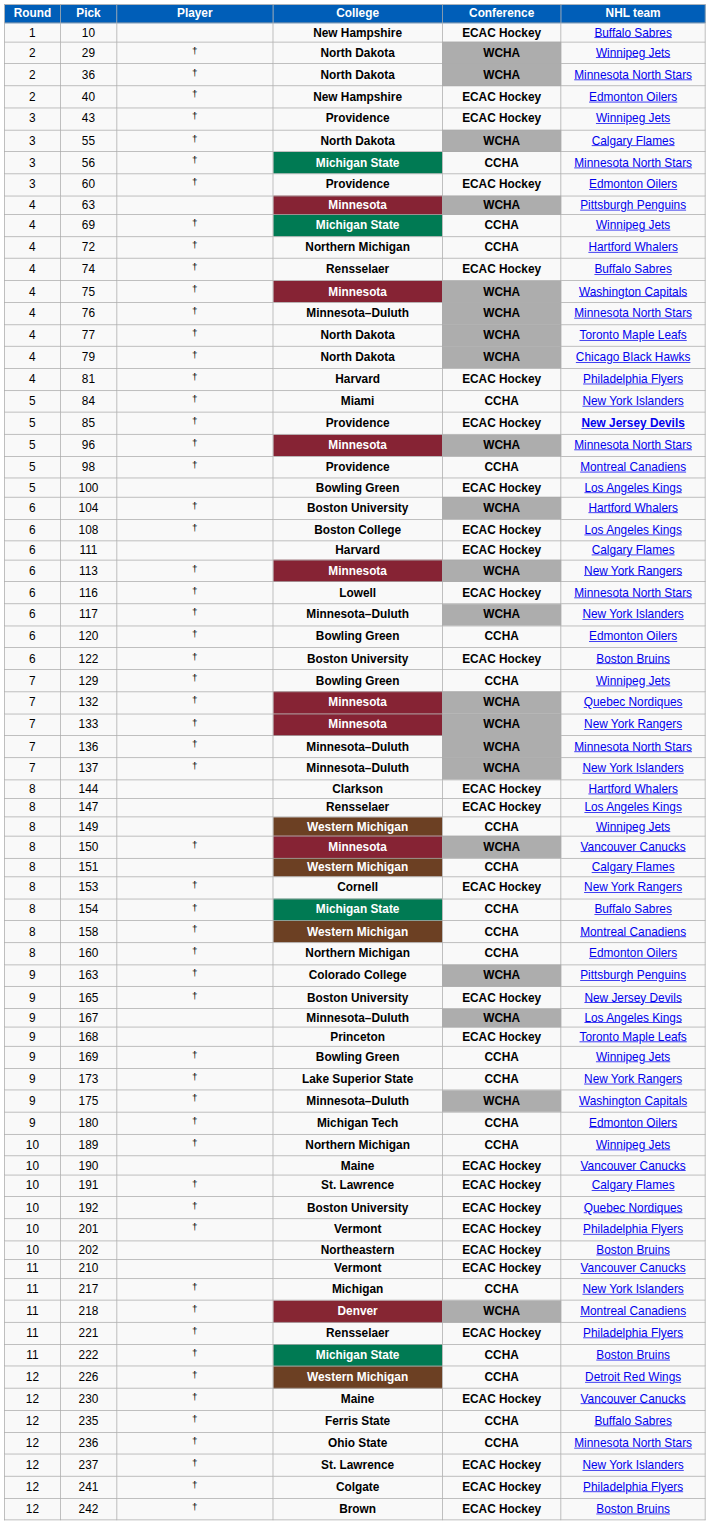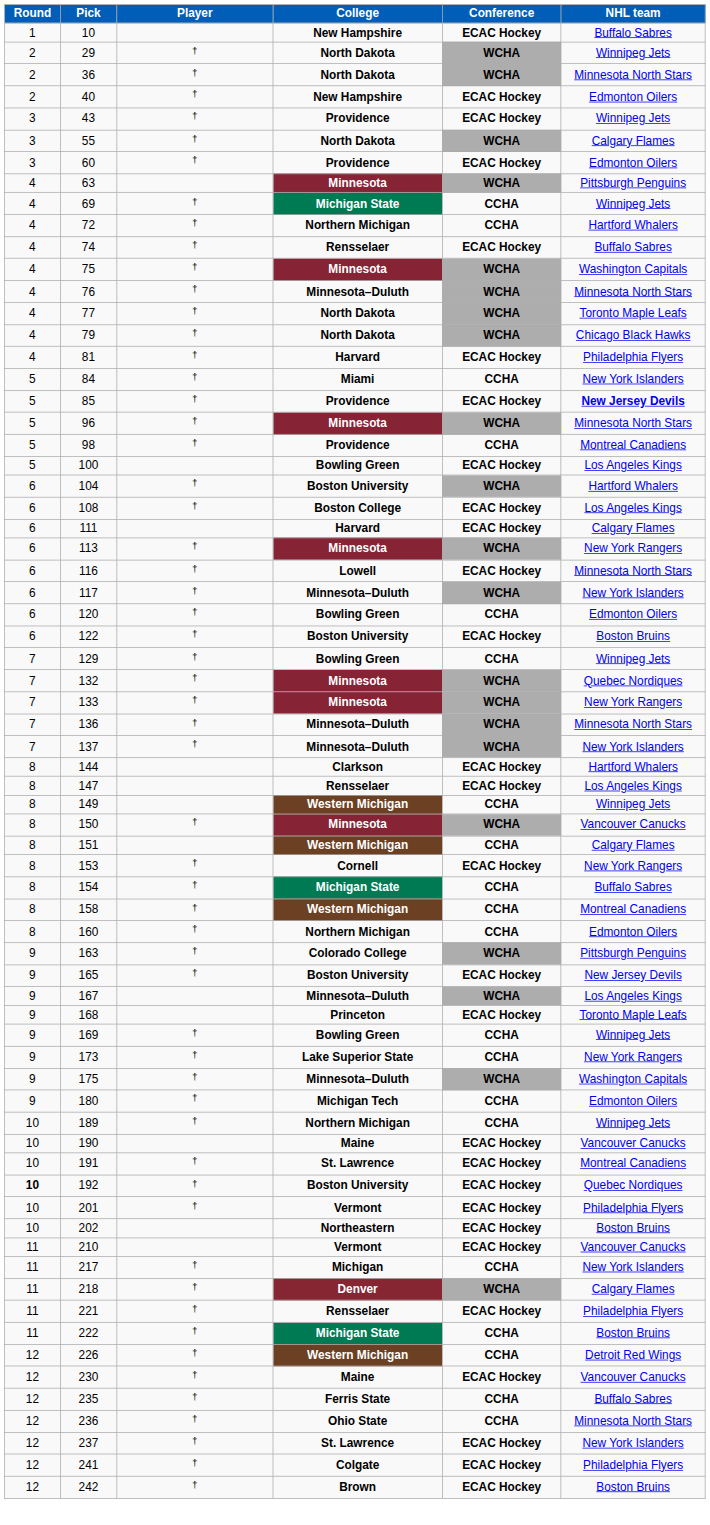 <table class="wikitable sortable" width="75%">
 <tr>
 <th style="color:white; background-color:#005EB8; width: 4em;">Round</th>
 <th style="color:white; background-color:#005EB8; width: 4em;">Pick</th>
 <th style="color:white; background-color:#005EB8; width: 12em;">Player</th>
 <th style="color:white; background-color:#005EB8; width: 13em;">College</th>
 <th style="color:white; background-color:#005EB8; width: 9em;">Conference</th>
 <th style="color:white; background-color:#005EB8; width: 11em;">NHL team</th>
 </tr>
 <tr align="center" bgcolor="">
 <td>1</td>
 <td>10</td>
 <td></td>
 <td><strong>New Hampshire</strong></td>
 <td><strong>ECAC Hockey</strong></td>
 <td><a href='#'>Buffalo Sabres</a></td>
 </tr>
 <tr align="center" bgcolor="">
 <td>2</td>
 <td>29</td>
 <td> <sup>†</sup></td>
 <td><strong>North Dakota</strong></td>
 <td style="color:black; background:#ADADAD; "><strong>WCHA</strong></td>
 <td><a href='#'>Winnipeg Jets</a></td>
 </tr>
 <tr align="center" bgcolor="">
 <td>2</td>
 <td>36</td>
 <td> <sup>†</sup></td>
 <td><strong>North Dakota</strong></td>
 <td style="color:black; background:#ADADAD; "><strong>WCHA</strong></td>
 <td><a href='#'>Minnesota North Stars</a></td>
 </tr>
 <tr align="center" bgcolor="">
 <td>2</td>
 <td>40</td>
 <td> <sup>†</sup></td>
 <td><strong>New Hampshire</strong></td>
 <td><strong>ECAC Hockey</strong></td>
 <td><a href='#'>Edmonton Oilers</a></td>
 </tr>
 <tr align="center" bgcolor="">
 <td>3</td>
 <td>43</td>
 <td> <sup>†</sup></td>
 <td><strong>Providence</strong></td>
 <td><strong>ECAC Hockey</strong></td>
 <td><a href='#'>Winnipeg Jets</a></td>
 </tr>
 <tr align="center" bgcolor="">
 <td>3</td>
 <td>55</td>
 <td> <sup>†</sup></td>
 <td><strong>North Dakota</strong></td>
 <td style="color:black; background:#ADADAD; "><strong>WCHA</strong></td>
 <td><a href='#'>Calgary Flames</a></td>
-</tr>
-<tr align="center" bgcolor="">
-<td>3</td>
-<td>56</td>
-<td> <sup>†</sup></td>
-<td style="color:white; background:#007A53"><strong>Michigan State</strong></td>
-<td><strong>CCHA</strong></td>
-<td><a href='#'>Minnesota North Stars</a></td>
 </tr>
 <tr align="center" bgcolor="">
 <td>3</td>
 <td>60</td>
 <td> <sup>†</sup></td>
 <td><strong>Providence</strong></td>
 <td><strong>ECAC Hockey</strong></td>
 <td><a href='#'>Edmonton Oilers</a></td>
 </tr>
 <tr align="center" bgcolor="">
 <td>4</td>
 <td>63</td>
 <td></td>
 <td style="color:white; background:#862334; "><strong>Minnesota</strong></td>
 <td style="color:black; background:#ADADAD; "><strong>WCHA</strong></td>
 <td><a href='#'>Pittsburgh Penguins</a></td>
 </tr>
 <tr align="center" bgcolor="">
 <td>4</td>
 <td>69</td>
 <td> <sup>†</sup></td>
 <td style="color:white; background:#007A53"><strong>Michigan State</strong></td>
 <td><strong>CCHA</strong></td>
 <td><a href='#'>Winnipeg Jets</a></td>
 </tr>
 <tr align="center" bgcolor="">
 <td>4</td>
 <td>72</td>
 <td> <sup>†</sup></td>
 <td><strong>Northern Michigan</strong></td>
 <td><strong>CCHA</strong></td>
 <td><a href='#'>Hartford Whalers</a></td>
 </tr>
 <tr align="center" bgcolor="">
 <td>4</td>
 <td>74</td>
 <td> <sup>†</sup></td>
 <td><strong>Rensselaer</strong></td>
 <td><strong>ECAC Hockey</strong></td>
 <td><a href='#'>Buffalo Sabres</a></td>
 </tr>
 <tr align="center" bgcolor="">
 <td>4</td>
 <td>75</td>
 <td> <sup>†</sup></td>
 <td style="color:white; background:#862334; "><strong>Minnesota</strong></td>
 <td style="color:black; background:#ADADAD; "><strong>WCHA</strong></td>
 <td><a href='#'>Washington Capitals</a></td>
 </tr>
 <tr align="center" bgcolor="">
 <td>4</td>
 <td>76</td>
 <td> <sup>†</sup></td>
 <td><strong>Minnesota–Duluth</strong></td>
 <td style="color:black; background:#ADADAD; "><strong>WCHA</strong></td>
 <td><a href='#'>Minnesota North Stars</a></td>
 </tr>
 <tr align="center" bgcolor="">
 <td>4</td>
 <td>77</td>
 <td> <sup>†</sup></td>
 <td><strong>North Dakota</strong></td>
 <td style="color:black; background:#ADADAD; "><strong>WCHA</strong></td>
 <td><a href='#'>Toronto Maple Leafs</a></td>
 </tr>
 <tr align="center" bgcolor="">
 <td>4</td>
 <td>79</td>
 <td> <sup>†</sup></td>
 <td><strong>North Dakota</strong></td>
 <td style="color:black; background:#ADADAD; "><strong>WCHA</strong></td>
 <td><a href='#'>Chicago Black Hawks</a></td>
 </tr>
 <tr align="center" bgcolor="">
 <td>4</td>
 <td>81</td>
 <td> <sup>†</sup></td>
 <td><strong>Harvard</strong></td>
 <td><strong>ECAC Hockey</strong></td>
 <td><a href='#'>Philadelphia Flyers</a></td>
 </tr>
 <tr align="center" bgcolor="">
 <td>5</td>
 <td>84</td>
 <td> <sup>†</sup></td>
 <td><strong>Miami</strong></td>
 <td><strong>CCHA</strong></td>
 <td><a href='#'>New York Islanders</a></td>
 </tr>
 <tr align="center" bgcolor="">
 <td>5</td>
 <td>85</td>
 <td> <sup>†</sup></td>
 <td><strong>Providence</strong></td>
 <td><strong>ECAC Hockey</strong></td>
 <td><strong><a href='#'>New Jersey Devils</a></strong></td>
 </tr>
 <tr align="center" bgcolor="">
 <td>5</td>
 <td>96</td>
 <td> <sup>†</sup></td>
 <td style="color:white; background:#862334; "><strong>Minnesota</strong></td>
 <td style="color:black; background:#ADADAD; "><strong>WCHA</strong></td>
 <td><a href='#'>Minnesota North Stars</a></td>
 </tr>
 <tr align="center" bgcolor="">
 <td>5</td>
 <td>98</td>
 <td> <sup>†</sup></td>
 <td><strong>Providence</strong></td>
 <td><strong>CCHA</strong></td>
 <td><a href='#'>Montreal Canadiens</a></td>
 </tr>
 <tr align="center" bgcolor="">
 <td>5</td>
 <td>100</td>
 <td></td>
 <td><strong>Bowling Green</strong></td>
 <td><strong>ECAC Hockey</strong></td>
 <td><a href='#'>Los Angeles Kings</a></td>
 </tr>
 <tr align="center" bgcolor="">
 <td>6</td>
 <td>104</td>
 <td> <sup>†</sup></td>
 <td><strong>Boston University</strong></td>
 <td style="color:black; background:#ADADAD; "><strong>WCHA</strong></td>
 <td><a href='#'>Hartford Whalers</a></td>
 </tr>
 <tr align="center" bgcolor="">
 <td>6</td>
 <td>108</td>
 <td> <sup>†</sup></td>
 <td><strong>Boston College</strong></td>
 <td><strong>ECAC Hockey</strong></td>
 <td><a href='#'>Los Angeles Kings</a></td>
 </tr>
 <tr align="center" bgcolor="">
 <td>6</td>
 <td>111</td>
 <td></td>
 <td><strong>Harvard</strong></td>
 <td><strong>ECAC Hockey</strong></td>
 <td><a href='#'>Calgary Flames</a></td>
 </tr>
 <tr align="center" bgcolor="">
 <td>6</td>
 <td>113</td>
 <td> <sup>†</sup></td>
 <td style="color:white; background:#862334; "><strong>Minnesota</strong></td>
 <td style="color:black; background:#ADADAD; "><strong>WCHA</strong></td>
 <td><a href='#'>New York Rangers</a></td>
 </tr>
 <tr align="center" bgcolor="">
 <td>6</td>
 <td>116</td>
 <td> <sup>†</sup></td>
 <td><strong>Lowell</strong></td>
 <td><strong>ECAC Hockey</strong></td>
 <td><a href='#'>Minnesota North Stars</a></td>
 </tr>
 <tr align="center" bgcolor="">
 <td>6</td>
 <td>117</td>
 <td> <sup>†</sup></td>
 <td><strong>Minnesota–Duluth</strong></td>
 <td style="color:black; background:#ADADAD; "><strong>WCHA</strong></td>
 <td><a href='#'>New York Islanders</a></td>
 </tr>
 <tr align="center" bgcolor="">
 <td>6</td>
 <td>120</td>
 <td> <sup>†</sup></td>
 <td><strong>Bowling Green</strong></td>
 <td><strong>CCHA</strong></td>
 <td><a href='#'>Edmonton Oilers</a></td>
 </tr>
 <tr align="center" bgcolor="">
 <td>6</td>
 <td>122</td>
 <td> <sup>†</sup></td>
 <td><strong>Boston University</strong></td>
 <td><strong>ECAC Hockey</strong></td>
 <td><a href='#'>Boston Bruins</a></td>
 </tr>
 <tr align="center" bgcolor="">
 <td>7</td>
 <td>129</td>
 <td> <sup>†</sup></td>
 <td><strong>Bowling Green</strong></td>
 <td><strong>CCHA</strong></td>
 <td><a href='#'>Winnipeg Jets</a></td>
 </tr>
 <tr align="center" bgcolor="">
 <td>7</td>
 <td>132</td>
 <td> <sup>†</sup></td>
 <td style="color:white; background:#862334; "><strong>Minnesota</strong></td>
 <td style="color:black; background:#ADADAD; "><strong>WCHA</strong></td>
 <td><a href='#'>Quebec Nordiques</a></td>
 </tr>
 <tr align="center" bgcolor="">
 <td>7</td>
 <td>133</td>
 <td> <sup>†</sup></td>
 <td style="color:white; background:#862334; "><strong>Minnesota</strong></td>
 <td style="color:black; background:#ADADAD; "><strong>WCHA</strong></td>
 <td><a href='#'>New York Rangers</a></td>
 </tr>
 <tr align="center" bgcolor="">
 <td>7</td>
 <td>136</td>
 <td> <sup>†</sup></td>
 <td><strong>Minnesota–Duluth</strong></td>
 <td style="color:black; background:#ADADAD; "><strong>WCHA</strong></td>
 <td><a href='#'>Minnesota North Stars</a></td>
 </tr>
 <tr align="center" bgcolor="">
 <td>7</td>
 <td>137</td>
 <td> <sup>†</sup></td>
 <td><strong>Minnesota–Duluth</strong></td>
 <td style="color:black; background:#ADADAD; "><strong>WCHA</strong></td>
 <td><a href='#'>New York Islanders</a></td>
 </tr>
 <tr align="center" bgcolor="">
 <td>8</td>
 <td>144</td>
 <td></td>
 <td><strong>Clarkson</strong></td>
 <td><strong>ECAC Hockey</strong></td>
 <td><a href='#'>Hartford Whalers</a></td>
 </tr>
 <tr align="center" bgcolor="">
 <td>8</td>
 <td>147</td>
 <td></td>
 <td><strong>Rensselaer</strong></td>
 <td><strong>ECAC Hockey</strong></td>
 <td><a href='#'>Los Angeles Kings</a></td>
 </tr>
 <tr align="center" bgcolor="">
 <td>8</td>
 <td>149</td>
 <td></td>
 <td style="color:white; background:#6C4023; "><strong>Western Michigan</strong></td>
 <td><strong>CCHA</strong></td>
 <td><a href='#'>Winnipeg Jets</a></td>
 </tr>
 <tr align="center" bgcolor="">
 <td>8</td>
 <td>150</td>
 <td> <sup>†</sup></td>
 <td style="color:white; background:#862334; "><strong>Minnesota</strong></td>
 <td style="color:black; background:#ADADAD; "><strong>WCHA</strong></td>
 <td><a href='#'>Vancouver Canucks</a></td>
 </tr>
 <tr align="center" bgcolor="">
 <td>8</td>
 <td>151</td>
 <td></td>
 <td style="color:white; background:#6C4023; "><strong>Western Michigan</strong></td>
 <td><strong>CCHA</strong></td>
 <td><a href='#'>Calgary Flames</a></td>
 </tr>
 <tr align="center" bgcolor="">
 <td>8</td>
 <td>153</td>
 <td> <sup>†</sup></td>
 <td><strong>Cornell</strong></td>
 <td><strong>ECAC Hockey</strong></td>
 <td><a href='#'>New York Rangers</a></td>
 </tr>
 <tr align="center" bgcolor="">
 <td>8</td>
 <td>154</td>
 <td> <sup>†</sup></td>
 <td style="color:white; background:#007A53"><strong>Michigan State</strong></td>
 <td><strong>CCHA</strong></td>
 <td><a href='#'>Buffalo Sabres</a></td>
 </tr>
 <tr align="center" bgcolor="">
 <td>8</td>
 <td>158</td>
 <td> <sup>†</sup></td>
 <td style="color:white; background:#6C4023; "><strong>Western Michigan</strong></td>
 <td><strong>CCHA</strong></td>
 <td><a href='#'>Montreal Canadiens</a></td>
 </tr>
 <tr align="center" bgcolor="">
 <td>8</td>
 <td>160</td>
 <td> <sup>†</sup></td>
 <td><strong>Northern Michigan</strong></td>
 <td><strong>CCHA</strong></td>
 <td><a href='#'>Edmonton Oilers</a></td>
 </tr>
 <tr align="center" bgcolor="">
 <td>9</td>
 <td>163</td>
 <td> <sup>†</sup></td>
 <td><strong>Colorado College</strong></td>
 <td style="color:black; background:#ADADAD; "><strong>WCHA</strong></td>
 <td><a href='#'>Pittsburgh Penguins</a></td>
 </tr>
 <tr align="center" bgcolor="">
 <td>9</td>
 <td>165</td>
 <td> <sup>†</sup></td>
 <td><strong>Boston University</strong></td>
 <td><strong>ECAC Hockey</strong></td>
 <td><a href='#'>New Jersey Devils</a></td>
 </tr>
 <tr align="center" bgcolor="">
 <td>9</td>
 <td>167</td>
 <td></td>
 <td><strong>Minnesota–Duluth</strong></td>
 <td style="color:black; background:#ADADAD; "><strong>WCHA</strong></td>
 <td><a href='#'>Los Angeles Kings</a></td>
 </tr>
 <tr align="center" bgcolor="">
 <td>9</td>
 <td>168</td>
 <td></td>
 <td><strong>Princeton</strong></td>
 <td><strong>ECAC Hockey</strong></td>
 <td><a href='#'>Toronto Maple Leafs</a></td>
 </tr>
 <tr align="center" bgcolor="">
 <td>9</td>
 <td>169</td>
 <td> <sup>†</sup></td>
 <td><strong>Bowling Green</strong></td>
 <td><strong>CCHA</strong></td>
 <td><a href='#'>Winnipeg Jets</a></td>
 </tr>
 <tr align="center" bgcolor="">
 <td>9</td>
 <td>173</td>
 <td> <sup>†</sup></td>
 <td><strong>Lake Superior State</strong></td>
 <td><strong>CCHA</strong></td>
 <td><a href='#'>New York Rangers</a></td>
 </tr>
 <tr align="center" bgcolor="">
 <td>9</td>
 <td>175</td>
 <td> <sup>†</sup></td>
 <td><strong>Minnesota–Duluth</strong></td>
 <td style="color:black; background:#ADADAD; "><strong>WCHA</strong></td>
 <td><a href='#'>Washington Capitals</a></td>
 </tr>
 <tr align="center" bgcolor="">
 <td>9</td>
 <td>180</td>
 <td> <sup>†</sup></td>
 <td><strong>Michigan Tech</strong></td>
 <td><strong>CCHA</strong></td>
 <td><a href='#'>Edmonton Oilers</a></td>
 </tr>
 <tr align="center" bgcolor="">
 <td>10</td>
 <td>189</td>
 <td> <sup>†</sup></td>
 <td><strong>Northern Michigan</strong></td>
 <td><strong>CCHA</strong></td>
 <td><a href='#'>Winnipeg Jets</a></td>
 </tr>
 <tr align="center" bgcolor="">
 <td>10</td>
 <td>190</td>
 <td></td>
 <td><strong>Maine</strong></td>
 <td><strong>ECAC Hockey</strong></td>
 <td><a href='#'>Vancouver Canucks</a></td>
 </tr>
 <tr align="center" bgcolor="">
 <td>10</td>
 <td>191</td>
 <td> <sup>†</sup></td>
 <td><strong>St. Lawrence</strong></td>
 <td><strong>ECAC Hockey</strong></td>
-<td><a href='#'>Calgary Flames</a></td>
+<td><a href='#'>Montreal Canadiens</a></td>
 </tr>
 <tr align="center" bgcolor="">
-<td>10</td>
+<td><strong>10</strong></td>
 <td>192</td>
 <td> <sup>†</sup></td>
 <td><strong>Boston University</strong></td>
 <td><strong>ECAC Hockey</strong></td>
 <td><a href='#'>Quebec Nordiques</a></td>
 </tr>
 <tr align="center" bgcolor="">
 <td>10</td>
 <td>201</td>
 <td> <sup>†</sup></td>
 <td><strong>Vermont</strong></td>
 <td><strong>ECAC Hockey</strong></td>
 <td><a href='#'>Philadelphia Flyers</a></td>
 </tr>
 <tr align="center" bgcolor="">
 <td>10</td>
 <td>202</td>
 <td></td>
 <td><strong>Northeastern</strong></td>
 <td><strong>ECAC Hockey</strong></td>
 <td><a href='#'>Boston Bruins</a></td>
 </tr>
 <tr align="center" bgcolor="">
 <td>11</td>
 <td>210</td>
 <td></td>
 <td><strong>Vermont</strong></td>
 <td><strong>ECAC Hockey</strong></td>
 <td><a href='#'>Vancouver Canucks</a></td>
 </tr>
 <tr align="center" bgcolor="">
 <td>11</td>
 <td>217</td>
 <td> <sup>†</sup></td>
 <td><strong>Michigan</strong></td>
 <td><strong>CCHA</strong></td>
 <td><a href='#'>New York Islanders</a></td>
 </tr>
 <tr align="center" bgcolor="">
 <td>11</td>
 <td>218</td>
 <td> <sup>†</sup></td>
 <td style="color:white; background:#862633; "><strong>Denver</strong></td>
 <td style="color:black; background:#ADADAD; "><strong>WCHA</strong></td>
-<td><a href='#'>Montreal Canadiens</a></td>
+<td><a href='#'>Calgary Flames</a></td>
 </tr>
 <tr align="center" bgcolor="">
 <td>11</td>
 <td>221</td>
 <td> <sup>†</sup></td>
 <td><strong>Rensselaer</strong></td>
 <td><strong>ECAC Hockey</strong></td>
 <td><a href='#'>Philadelphia Flyers</a></td>
 </tr>
 <tr align="center" bgcolor="">
 <td>11</td>
 <td>222</td>
 <td> <sup>†</sup></td>
 <td style="color:white; background:#007A53"><strong>Michigan State</strong></td>
 <td><strong>CCHA</strong></td>
 <td><a href='#'>Boston Bruins</a></td>
 </tr>
 <tr align="center" bgcolor="">
 <td>12</td>
 <td>226</td>
 <td> <sup>†</sup></td>
 <td style="color:white; background:#6C4023; "><strong>Western Michigan</strong></td>
 <td><strong>CCHA</strong></td>
 <td><a href='#'>Detroit Red Wings</a></td>
 </tr>
 <tr align="center" bgcolor="">
 <td>12</td>
 <td>230</td>
 <td> <sup>†</sup></td>
 <td><strong>Maine</strong></td>
 <td><strong>ECAC Hockey</strong></td>
 <td><a href='#'>Vancouver Canucks</a></td>
 </tr>
 <tr align="center" bgcolor="">
 <td>12</td>
 <td>235</td>
 <td> <sup>†</sup></td>
 <td><strong>Ferris State</strong></td>
 <td><strong>CCHA</strong></td>
 <td><a href='#'>Buffalo Sabres</a></td>
 </tr>
 <tr align="center" bgcolor="">
 <td>12</td>
 <td>236</td>
 <td> <sup>†</sup></td>
 <td><strong>Ohio State</strong></td>
 <td><strong>CCHA</strong></td>
 <td><a href='#'>Minnesota North Stars</a></td>
 </tr>
 <tr align="center" bgcolor="">
 <td>12</td>
 <td>237</td>
 <td> <sup>†</sup></td>
 <td><strong>St. Lawrence</strong></td>
 <td><strong>ECAC Hockey</strong></td>
 <td><a href='#'>New York Islanders</a></td>
 </tr>
 <tr align="center" bgcolor="">
 <td>12</td>
 <td>241</td>
 <td> <sup>†</sup></td>
 <td><strong>Colgate</strong></td>
 <td><strong>ECAC Hockey</strong></td>
 <td><a href='#'>Philadelphia Flyers</a></td>
 </tr>
 <tr align="center" bgcolor="">
 <td>12</td>
 <td>242</td>
 <td> <sup>†</sup></td>
 <td><strong>Brown</strong></td>
 <td><strong>ECAC Hockey</strong></td>
 <td><a href='#'>Boston Bruins</a></td>
 </tr>
 </table>
